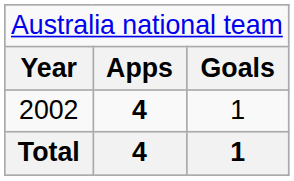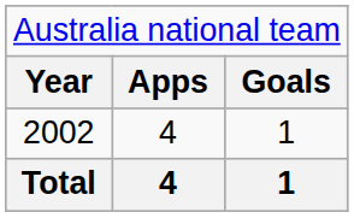 <table class="wikitable" style="text-align:center">
 <tr>
 <td colspan="3"><a href='#'>Australia national team</a></td>
 </tr>
 <tr>
 <th>Year</th>
 <th>Apps</th>
 <th>Goals</th>
 </tr>
 <tr>
 <td>2002</td>
-<td><strong>4</strong></td>
+<td>4</td>
 <td>1</td>
 </tr>
 <tr>
 <th>Total</th>
 <th>4</th>
 <th>1</th>
 </tr>
 </table>
